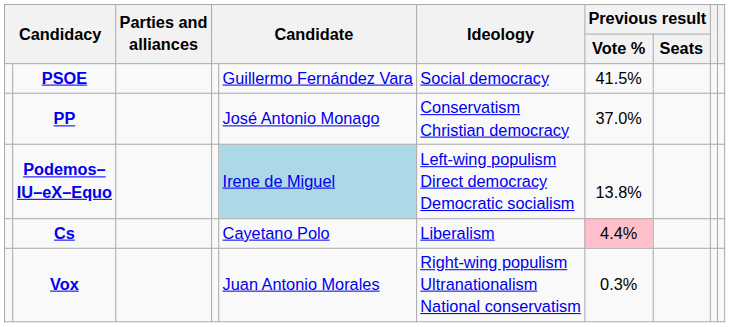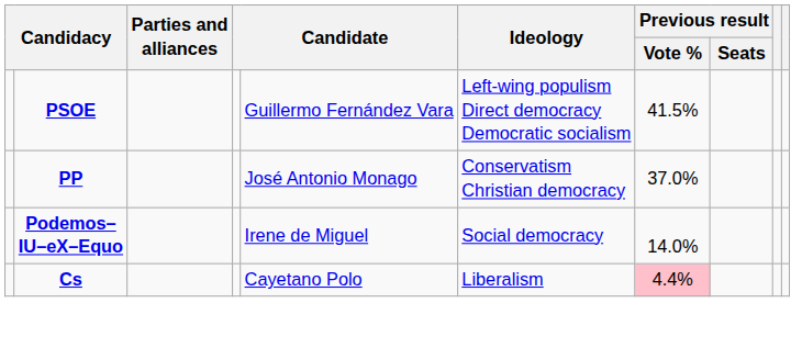 <table class="wikitable" style="line-height:1.35em; text-align:left;">
 <tr>
 <th colspan="2" rowspan="2">Candidacy</th>
 <th rowspan="2">Parties and<br>alliances</th>
 <th colspan="2" rowspan="2">Candidate</th>
 <th rowspan="2">Ideology</th>
 <th colspan="2">Previous result</th>
 <th rowspan="2"></th>
 <th rowspan="2"></th>
 </tr>
 <tr>
 <th>Vote %</th>
 <th>Seats</th>
 </tr>
 <tr>
 <td width="1" style="color:inherit;background:"></td>
 <td align="center"><strong><a href='#'>PSOE</a></strong></td>
 <td></td>
 <td></td>
 <td><a href='#'>Guillermo Fernández Vara</a></td>
-<td><a href='#'>Social democracy</a></td>
+<td><a href='#'>Left-wing populism</a><br><a href='#'>Direct democracy</a><br><a href='#'>Democratic socialism</a></td>
 <td align="center">41.5%</td>
 <td></td>
 <td></td>
 <td></td>
 </tr>
 <tr>
 <td style="color:inherit;background:"></td>
 <td align="center"><strong><a href='#'>PP</a></strong></td>
 <td></td>
 <td></td>
 <td><a href='#'>José Antonio Monago</a></td>
 <td><a href='#'>Conservatism</a><br><a href='#'>Christian democracy</a></td>
 <td align="center">37.0%</td>
 <td></td>
 <td></td>
 <td></td>
 </tr>
 <tr>
 <td style="color:inherit;background:"></td>
 <td align="center"><strong><a href='#'>Podemos–<br>IU–eX–Equo</a></strong></td>
 <td></td>
 <td></td>
-<td style="background: lightblue;"><a href='#'>Irene de Miguel</a></td>
-<td><a href='#'>Left-wing populism</a><br><a href='#'>Direct democracy</a><br><a href='#'>Democratic socialism</a></td>
-<td align="center"><br>13.8%<br></td>
+<td><a href='#'>Irene de Miguel</a></td>
+<td><a href='#'>Social democracy</a></td>
+<td align="center"><br>14.0%<br></td>
 <td></td>
 <td></td>
 <td><br></td>
 </tr>
 <tr>
 <td style="color:inherit;background:"></td>
 <td align="center"><strong><a href='#'>Cs</a></strong></td>
 <td></td>
 <td></td>
 <td><a href='#'>Cayetano Polo</a></td>
 <td><a href='#'>Liberalism</a></td>
 <td align="center" style="background: pink;">4.4%</td>
 <td></td>
 <td></td>
 <td></td>
 </tr>
-<tr>
-<td style="color:inherit;background:"></td>
-<td align="center"><strong><a href='#'>Vox</a></strong></td>
-<td></td>
-<td></td>
-<td><a href='#'>Juan Antonio Morales</a></td>
-<td><a href='#'>Right-wing populism</a><br><a href='#'>Ultranationalism</a><br><a href='#'>National conservatism</a></td>
-<td align="center">0.3%</td>
-<td></td>
-<td></td>
-<td></td>
-</tr>
 </table>
